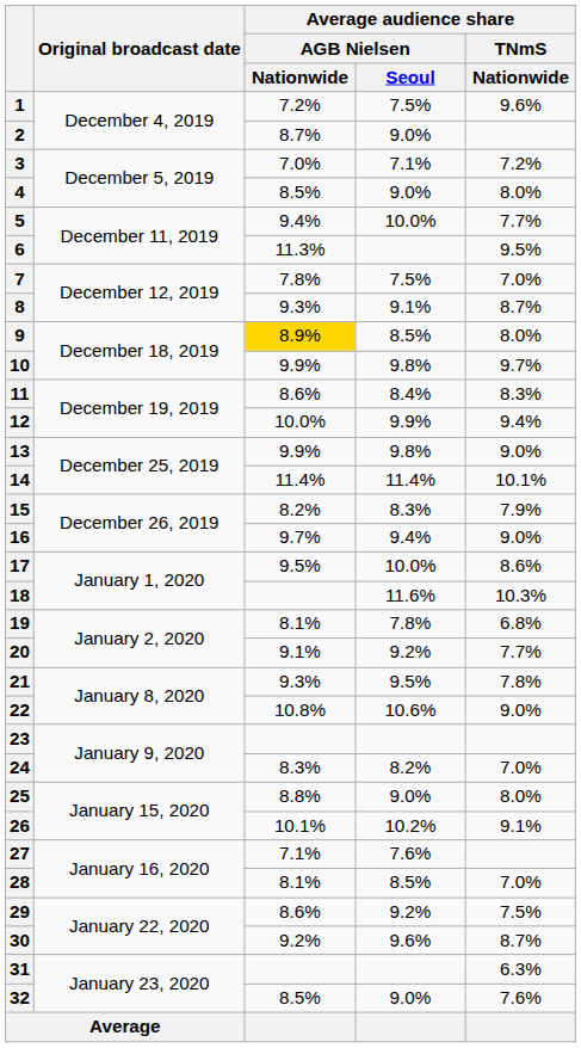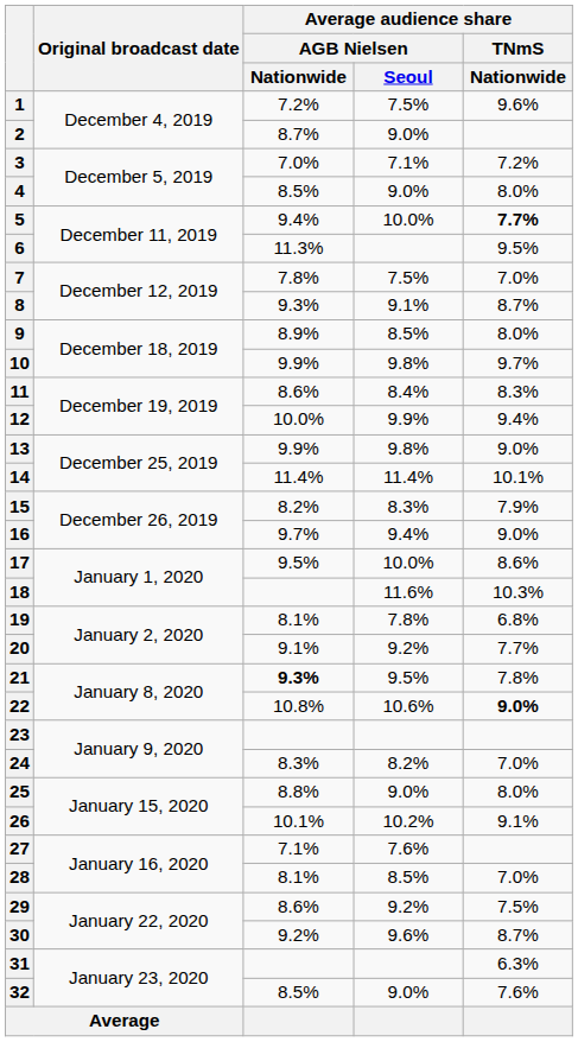 <table class="wikitable" style="text-align:center">
 <tr>
 <th rowspan="3"></th>
 <th rowspan="3">Original broadcast date</th>
 <th colspan="3">Average audience share</th>
 </tr>
 <tr>
 <th colspan="2">AGB Nielsen</th>
 <th>TNmS</th>
 </tr>
 <tr>
 <th width="90">Nationwide</th>
 <th width="90"><a href='#'>Seoul</a></th>
 <th width="90">Nationwide</th>
 </tr>
 <tr>
 <th>1</th>
 <td rowspan="2">December 4, 2019</td>
 <td>7.2% </td>
 <td>7.5% </td>
 <td>9.6% </td>
 </tr>
 <tr>
 <th>2</th>
 <td>8.7% </td>
 <td>9.0% </td>
 <td> </td>
 </tr>
 <tr>
 <th>3</th>
 <td rowspan="2">December 5, 2019</td>
 <td>7.0% </td>
 <td>7.1% </td>
 <td>7.2% </td>
 </tr>
 <tr>
 <th>4</th>
 <td>8.5% </td>
 <td>9.0% </td>
 <td>8.0% </td>
 </tr>
 <tr>
 <th>5</th>
 <td rowspan="2">December 11, 2019</td>
 <td>9.4% </td>
 <td>10.0% </td>
-<td>7.7% </td>
+<td><strong>7.7% </strong></td>
 </tr>
 <tr>
 <th>6</th>
 <td>11.3% </td>
 <td> </td>
 <td>9.5% </td>
 </tr>
 <tr>
 <th>7</th>
 <td rowspan="2">December 12, 2019</td>
 <td>7.8% </td>
 <td>7.5% </td>
 <td>7.0% </td>
 </tr>
 <tr>
 <th>8</th>
 <td>9.3% </td>
 <td>9.1% </td>
 <td>8.7% </td>
 </tr>
 <tr>
 <th>9</th>
 <td rowspan="2">December 18, 2019</td>
-<td style="background: gold;">8.9% </td>
+<td>8.9% </td>
 <td>8.5% </td>
 <td>8.0% </td>
 </tr>
 <tr>
 <th>10</th>
 <td>9.9% </td>
 <td>9.8% </td>
 <td>9.7% </td>
 </tr>
 <tr>
 <th>11</th>
 <td rowspan="2">December 19, 2019</td>
 <td>8.6% </td>
 <td>8.4% </td>
 <td>8.3% </td>
 </tr>
 <tr>
 <th>12</th>
 <td>10.0% </td>
 <td>9.9% </td>
 <td>9.4% </td>
 </tr>
 <tr>
 <th>13</th>
 <td rowspan="2">December 25, 2019</td>
 <td>9.9% </td>
 <td>9.8% </td>
 <td>9.0% </td>
 </tr>
 <tr>
 <th>14</th>
 <td>11.4% </td>
 <td>11.4% </td>
 <td>10.1% </td>
 </tr>
 <tr>
 <th>15</th>
 <td rowspan="2">December 26, 2019</td>
 <td>8.2% </td>
 <td>8.3% </td>
 <td>7.9% </td>
 </tr>
 <tr>
 <th>16</th>
 <td>9.7% </td>
 <td>9.4% </td>
 <td>9.0% </td>
 </tr>
 <tr>
 <th>17</th>
 <td rowspan="2">January 1, 2020</td>
 <td>9.5% </td>
 <td>10.0% </td>
 <td>8.6% </td>
 </tr>
 <tr>
 <th>18</th>
 <td> </td>
 <td>11.6% </td>
 <td>10.3% </td>
 </tr>
 <tr>
 <th>19</th>
 <td rowspan="2">January 2, 2020</td>
 <td>8.1% </td>
 <td>7.8% </td>
 <td>6.8% </td>
 </tr>
 <tr>
 <th>20</th>
 <td>9.1% </td>
 <td>9.2% </td>
 <td>7.7% </td>
 </tr>
 <tr>
 <th>21</th>
 <td rowspan="2">January 8, 2020</td>
-<td>9.3% </td>
+<td><strong>9.3% </strong></td>
 <td>9.5% </td>
 <td>7.8% </td>
 </tr>
 <tr>
 <th>22</th>
 <td>10.8% </td>
 <td>10.6% </td>
-<td>9.0% </td>
+<td><strong>9.0% </strong></td>
 </tr>
 <tr>
 <th>23</th>
 <td rowspan="2">January 9, 2020</td>
 <td> </td>
 <td> </td>
 <td> </td>
 </tr>
 <tr>
 <th>24</th>
 <td>8.3% </td>
 <td>8.2% </td>
 <td>7.0% </td>
 </tr>
 <tr>
 <th>25</th>
 <td rowspan="2">January 15, 2020</td>
 <td>8.8% </td>
 <td>9.0% </td>
 <td>8.0% </td>
 </tr>
 <tr>
 <th>26</th>
 <td>10.1% </td>
 <td>10.2% </td>
 <td>9.1% </td>
 </tr>
 <tr>
 <th>27</th>
 <td rowspan="2">January 16, 2020</td>
 <td>7.1% </td>
 <td>7.6% </td>
 <td> </td>
 </tr>
 <tr>
 <th>28</th>
 <td>8.1% </td>
 <td>8.5% </td>
 <td>7.0% </td>
 </tr>
 <tr>
 <th>29</th>
 <td rowspan="2">January 22, 2020</td>
 <td>8.6% </td>
 <td>9.2% </td>
 <td>7.5% </td>
 </tr>
 <tr>
 <th>30</th>
 <td>9.2% </td>
 <td>9.6% </td>
 <td>8.7% </td>
 </tr>
 <tr>
 <th>31</th>
 <td rowspan="2">January 23, 2020</td>
 <td> </td>
 <td> </td>
 <td>6.3% </td>
 </tr>
 <tr>
 <th>32</th>
 <td>8.5% </td>
 <td>9.0% </td>
 <td>7.6% </td>
 </tr>
 <tr>
 <th colspan="2">Average</th>
 <th></th>
 <th></th>
 <th></th>
 </tr>
 </table>
